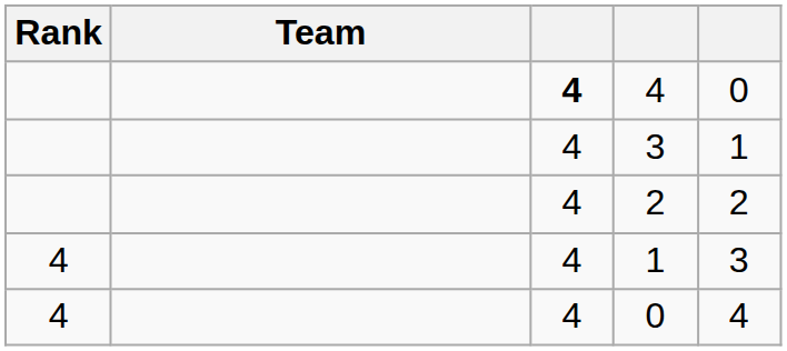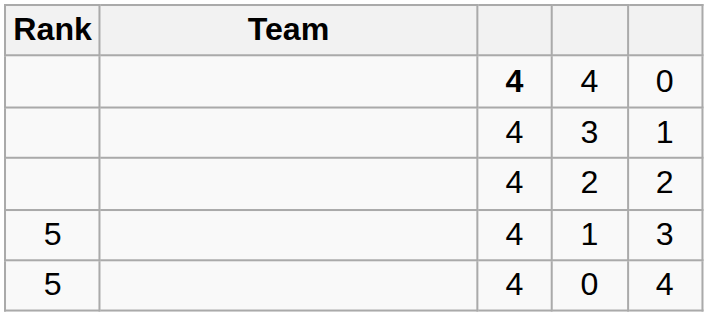 <table class="wikitable" style="text-align: center;">
 <tr>
 <th width=40>Rank</th>
 <th width=180>Team</th>
 <th width=30></th>
 <th width=30></th>
 <th width=30></th>
 </tr>
 <tr>
 <td></td>
 <td align=left></td>
 <td><strong>4</strong></td>
 <td>4</td>
 <td>0</td>
 </tr>
 <tr>
 <td></td>
 <td align=left></td>
 <td>4</td>
 <td>3</td>
 <td>1</td>
 </tr>
 <tr>
 <td></td>
 <td align=left></td>
 <td>4</td>
 <td>2</td>
 <td>2</td>
 </tr>
 <tr>
-<td>4</td>
+<td>5</td>
 <td align=left></td>
 <td>4</td>
 <td>1</td>
 <td>3</td>
 </tr>
 <tr>
-<td>4</td>
+<td>5</td>
 <td align=left></td>
 <td>4</td>
 <td>0</td>
 <td>4</td>
 </tr>
 </table>
